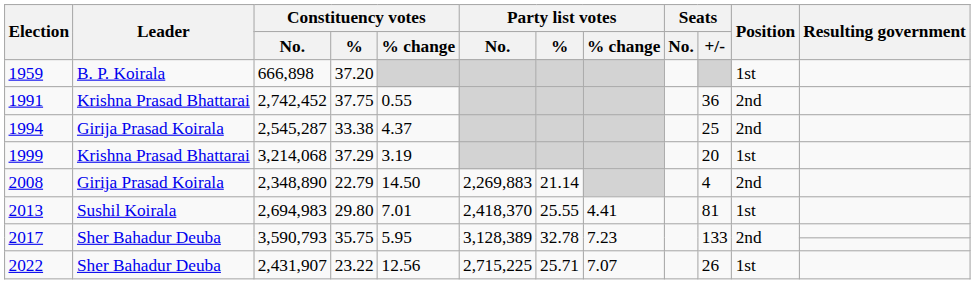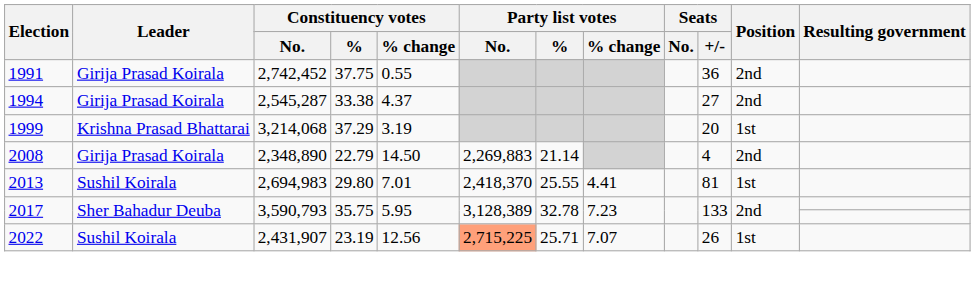 <table class="wikitable">
 <tr>
 <th rowspan="2" style="background-color:">Election</th>
 <th rowspan="2" style="background-color:">Leader</th>
 <th colspan="3" style="background-color:">Constituency votes</th>
 <th colspan="3" style="background-color:">Party list votes</th>
 <th colspan="2" style="background-color:">Seats</th>
 <th rowspan="2" style="background-color:">Position</th>
 <th rowspan="2" style="background-color:">Resulting government</th>
 </tr>
 <tr>
 <th style="background-color:">No.</th>
 <th style="background-color:">%</th>
 <th style="background-color:">% change</th>
 <th style="background-color:">No.</th>
 <th style="background-color:">%</th>
 <th style="background-color:">% change</th>
 <th style="background-color:">No.</th>
 <th style="background-color:">+/-</th>
 </tr>
 <tr>
-<td><a href='#'>1959</a></td>
-<td><a href='#'>B. P. Koirala</a></td>
-<td>666,898</td>
-<td>37.20</td>
-<td bgcolor="lightgrey"></td>
-<td bgcolor="lightgrey"></td>
-<td bgcolor="lightgrey"></td>
-<td bgcolor="lightgrey"></td>
-<td style="text-align:center;"></td>
-<td bgcolor="lightgrey"></td>
-<td>1st</td>
-<td></td>
-</tr>
-<tr>
 <td><a href='#'>1991</a></td>
-<td><a href='#'>Krishna Prasad Bhattarai</a></td>
+<td><a href='#'>Girija Prasad Koirala</a></td>
 <td>2,742,452</td>
 <td>37.75</td>
 <td> 0.55</td>
 <td bgcolor="lightgrey"></td>
 <td bgcolor="lightgrey"></td>
 <td bgcolor="lightgrey"></td>
 <td style="text-align:center;"></td>
 <td> 36</td>
 <td> 2nd</td>
 <td></td>
 </tr>
 <tr>
 <td><a href='#'>1994</a></td>
 <td><a href='#'>Girija Prasad Koirala</a></td>
 <td>2,545,287</td>
 <td>33.38</td>
 <td> 4.37</td>
 <td bgcolor="lightgrey"></td>
 <td bgcolor="lightgrey"></td>
 <td bgcolor="lightgrey"></td>
 <td style="text-align:center;"></td>
-<td> 25</td>
+<td> 27</td>
 <td> 2nd</td>
 <td></td>
 </tr>
 <tr>
 <td><a href='#'>1999</a></td>
 <td><a href='#'>Krishna Prasad Bhattarai</a></td>
 <td>3,214,068</td>
 <td>37.29</td>
 <td> 3.19</td>
 <td bgcolor="lightgrey"></td>
 <td bgcolor="lightgrey"></td>
 <td bgcolor="lightgrey"></td>
 <td style="text-align:center;"></td>
 <td> 20</td>
 <td> 1st</td>
 <td></td>
 </tr>
 <tr>
 <td><a href='#'>2008</a></td>
 <td><a href='#'>Girija Prasad Koirala</a></td>
 <td>2,348,890</td>
 <td>22.79</td>
 <td> 14.50</td>
 <td>2,269,883</td>
 <td>21.14</td>
 <td bgcolor="lightgrey"></td>
 <td style="text-align:center;"></td>
 <td> 4</td>
 <td> 2nd</td>
 <td></td>
 </tr>
 <tr>
 <td><a href='#'>2013</a></td>
 <td><a href='#'>Sushil Koirala</a></td>
 <td>2,694,983</td>
 <td>29.80</td>
 <td> 7.01</td>
 <td>2,418,370</td>
 <td>25.55</td>
 <td> 4.41</td>
 <td style="text-align:center;"></td>
 <td> 81</td>
 <td> 1st</td>
 <td></td>
 </tr>
 <tr>
 <td rowspan="2"><a href='#'>2017</a></td>
 <td rowspan="2"><a href='#'>Sher Bahadur Deuba</a></td>
 <td rowspan="2">3,590,793</td>
 <td rowspan="2">35.75</td>
 <td rowspan="2"> 5.95</td>
 <td rowspan="2">3,128,389</td>
 <td rowspan="2">32.78</td>
 <td rowspan="2"> 7.23</td>
 <td rowspan="2"></td>
 <td rowspan="2"> 133</td>
 <td rowspan="2"> 2nd</td>
 <td></td>
 </tr>
 <tr>
 <td></td>
 </tr>
 <tr>
 <td><a href='#'>2022</a></td>
-<td><a href='#'>Sher Bahadur Deuba</a></td>
+<td><a href='#'>Sushil Koirala</a></td>
 <td>2,431,907</td>
-<td>23.22</td>
+<td>23.19</td>
 <td> 12.56</td>
-<td>2,715,225</td>
+<td style="background: lightsalmon;">2,715,225</td>
 <td>25.71</td>
 <td> 7.07</td>
 <td></td>
 <td> 26</td>
 <td> 1st</td>
 <td></td>
 </tr>
 </table>
